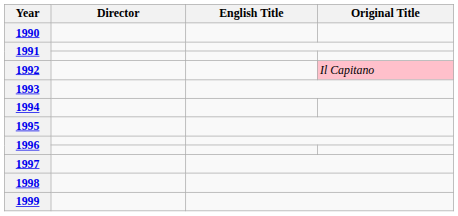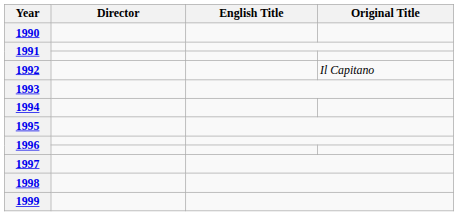 <table class="wikitable unsortable">
 <tr>
 <th scope="col" style="width:2%;">Year</th>
 <th scope="col" style="width:10%;">Director</th>
 <th scope="col" style="width:10%;">English Title</th>
 <th scope="col" style="width:10%;">Original Title</th>
 </tr>
 <tr>
 <th style="text-align:center;"><a href='#'>1990</a></th>
 <td> </td>
 <td></td>
 <td></td>
 </tr>
 <tr>
 <th rowspan="2" style="text-align:center;"><a href='#'>1991</a></th>
 <td> </td>
 <td colspan="2"></td>
 </tr>
 <tr>
 <td> </td>
 <td></td>
 <td></td>
 </tr>
 <tr>
 <th style="text-align:center;"><a href='#'>1992</a></th>
 <td> </td>
 <td></td>
-<td {{sort style="background: pink;"><em>Il Capitano</em></td>
+<td {{sort><em>Il Capitano</em></td>
 </tr>
 <tr>
 <th style="text-align:center;"><a href='#'>1993</a></th>
 <td> </td>
 <td colspan="2"></td>
 </tr>
 <tr>
 <th style="text-align:center;"><a href='#'>1994</a></th>
 <td> </td>
 <td></td>
 <td></td>
 </tr>
 <tr>
 <th style="text-align:center;"><a href='#'>1995</a></th>
 <td> </td>
 <td colspan="2"></td>
 </tr>
 <tr>
 <th rowspan="2" style="text-align:center;"><a href='#'>1996</a></th>
 <td> </td>
 <td colspan="2"></td>
 </tr>
 <tr>
 <td> </td>
 <td></td>
 <td></td>
 </tr>
 <tr>
 <th style="text-align:center;"><a href='#'>1997</a></th>
 <td> </td>
 <td colspan="2"></td>
 </tr>
 <tr>
 <th style="text-align:center;"><a href='#'>1998</a></th>
 <td> </td>
 <td colspan="2"></td>
 </tr>
 <tr>
 <th style="text-align:center;"><a href='#'>1999</a></th>
 <td> </td>
 <td colspan="2"></td>
 </tr>
 </table>
